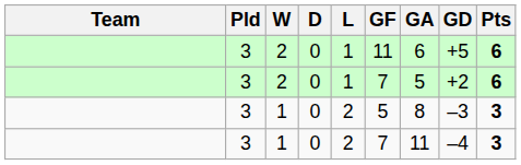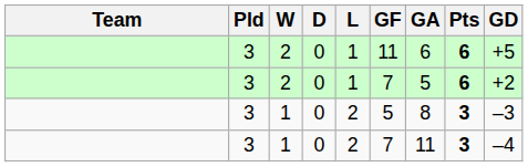 <table class=wikitable style="text-align:center">
 <tr>
 <th width=175>Team</th>
 <th width=20>Pld</th>
 <th width=20>W</th>
 <th width=20>D</th>
 <th width=20>L</th>
 <th width=20>GF</th>
 <th width=20>GA</th>
+<th width=20>Pts</th>
 <th width=20>GD</th>
-<th width=20>Pts</th>
 </tr>
 <tr style="background:#ccffcc">
 <td align=left></td>
 <td>3</td>
 <td>2</td>
 <td>0</td>
 <td>1</td>
 <td>11</td>
 <td>6</td>
+<td><strong>6</strong></td>
 <td>+5</td>
-<td><strong>6</strong></td>
 </tr>
 <tr style="background:#ccffcc">
 <td align=left></td>
 <td>3</td>
 <td>2</td>
 <td>0</td>
 <td>1</td>
 <td>7</td>
 <td>5</td>
+<td><strong>6</strong></td>
 <td>+2</td>
-<td><strong>6</strong></td>
 </tr>
 <tr>
 <td align=left></td>
 <td>3</td>
 <td>1</td>
 <td>0</td>
 <td>2</td>
 <td>5</td>
 <td>8</td>
+<td><strong>3</strong></td>
 <td>–3</td>
-<td><strong>3</strong></td>
 </tr>
 <tr>
 <td align=left></td>
 <td>3</td>
 <td>1</td>
 <td>0</td>
 <td>2</td>
 <td>7</td>
 <td>11</td>
+<td><strong>3</strong></td>
 <td>–4</td>
-<td><strong>3</strong></td>
 </tr>
 </table>
